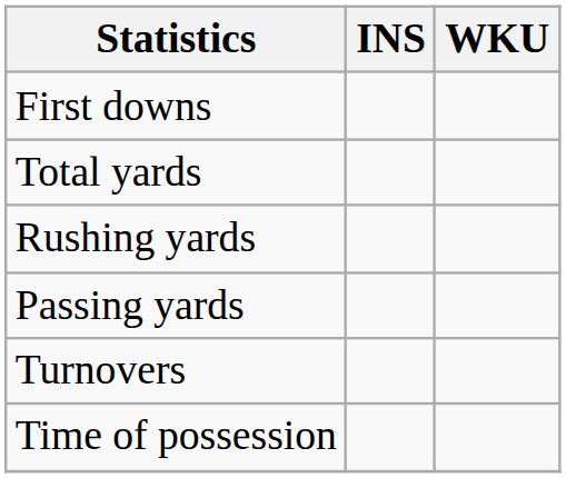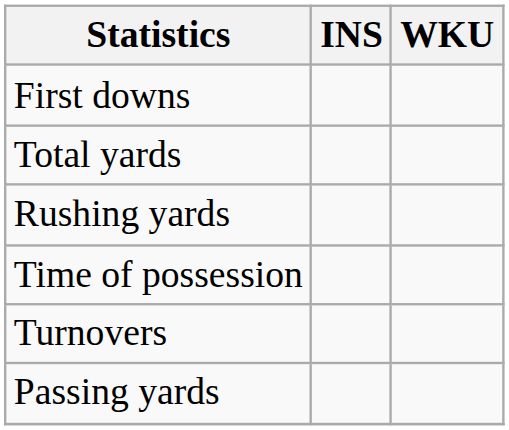 <table class="wikitable" style="float: left;">
 <tr>
 <th>Statistics</th>
 <th>INS</th>
 <th>WKU</th>
 </tr>
 <tr>
 <td>First downs</td>
 <td></td>
 <td></td>
 </tr>
 <tr>
 <td>Total yards</td>
 <td></td>
 <td></td>
 </tr>
 <tr>
 <td>Rushing yards</td>
 <td></td>
 <td></td>
 </tr>
 <tr>
-<td>Passing yards</td>
+<td>Time of possession</td>
 <td></td>
 <td></td>
 </tr>
 <tr>
 <td>Turnovers</td>
 <td></td>
 <td></td>
 </tr>
 <tr>
-<td>Time of possession</td>
+<td>Passing yards</td>
 <td></td>
 <td></td>
 </tr>
 <tr>
 </tr>
 </table>
